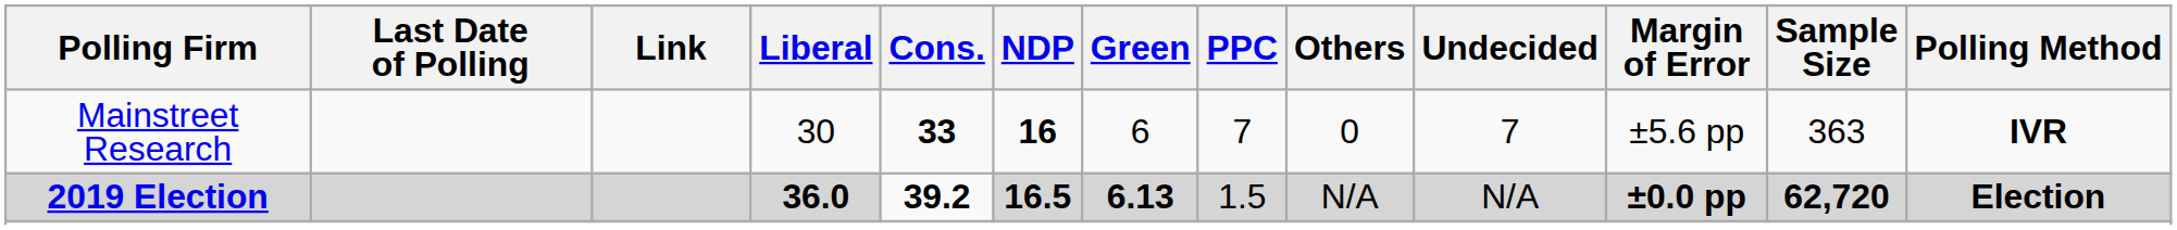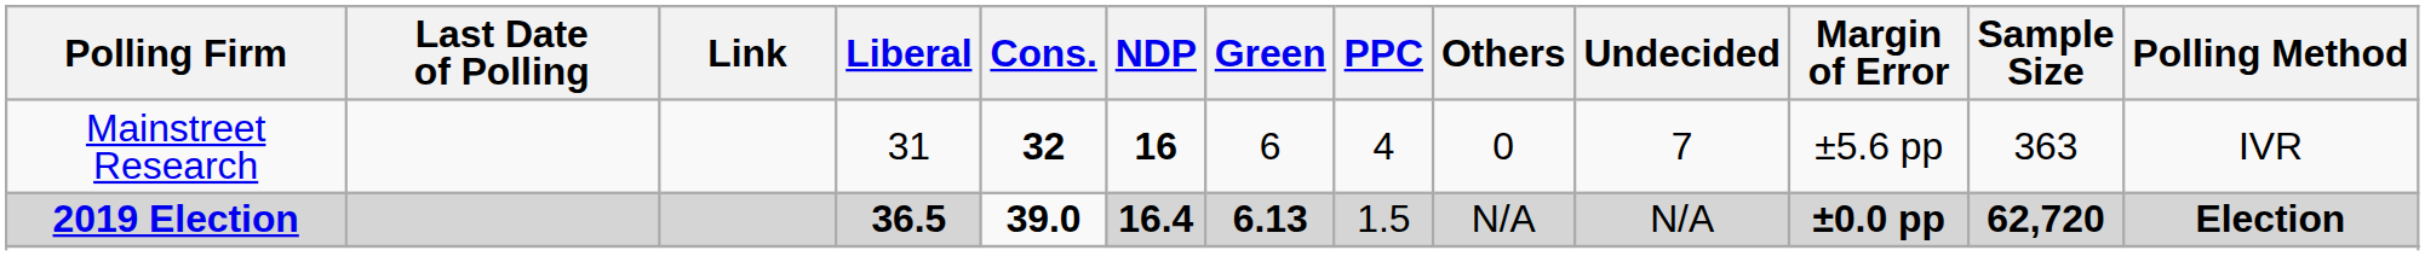 <table class="wikitable sortable" style="text-align:center;font-size:90%;line-height:14px;">
 <tr style="background:#e9e9e9;">
 <th style="width:120px">Polling Firm</th>
 <th style="width:110px">Last Date<br>of Polling</th>
 <th style="width:60px" class="unsortable">Link</th>
 <th style="background-color:"><a href='#'>Liberal</a></th>
 <th style="background-color:"><a href='#'>Cons.</a></th>
 <th style="background-color:"><a href='#'>NDP</a></th>
 <th style="background-color:"><a href='#'>Green</a></th>
 <th style="background-color:"><a href='#'><span>PPC</span></a></th>
 <th style="background-color:">Others</th>
 <th style="background-color:">Undecided</th>
 <th style="width:60px;" class=unsortable>Margin<br>of Error</th>
 <th style="width:50px;" class=unsortable>Sample<br>Size</th>
 <th class=unsortable>Polling Method</th>
 </tr>
 <tr>
 <td><a href='#'>Mainstreet Research</a></td>
 <td></td>
 <td></td>
-<td>30</td>
-<td><strong>33</strong></td>
+<td>31</td>
+<td><strong>32</strong></td>
 <td><strong>16</strong></td>
 <td>6</td>
-<td>7</td>
+<td>4</td>
 <td>0</td>
 <td>7</td>
 <td>±5.6 pp</td>
 <td>363</td>
-<td><strong>IVR</strong></td>
+<td>IVR</td>
 </tr>
 <tr>
 <td style="background:#D5D5D5"><strong><a href='#'>2019 Election</a></strong></td>
 <td style="background:#D5D5D5"><strong></strong></td>
 <td style="background:#D5D5D5"></td>
-<td style="background:#D5D5D5"><strong>36.0</strong></td>
-<td><strong>39.2</strong></td>
-<td style="background:#D5D5D5"><strong>16.5</strong></td>
+<td style="background:#D5D5D5"><strong>36.5</strong></td>
+<td><strong>39.0</strong></td>
+<td style="background:#D5D5D5"><strong>16.4</strong></td>
 <td style="background:#D5D5D5"><strong>6.13</strong></td>
 <td style="background:#D5D5D5">1.5</td>
 <td style="background:#D5D5D5">N/A</td>
 <td style="background:#D5D5D5">N/A</td>
 <td style="background:#D5D5D5"><strong>±0.0 pp</strong></td>
 <td style="background:#D5D5D5"><strong>62,720</strong></td>
 <td style="background:#D5D5D5"><strong>Election</strong></td>
 </tr>
 <tr>
 </tr>
 <tr>
 </tr>
 </table>
